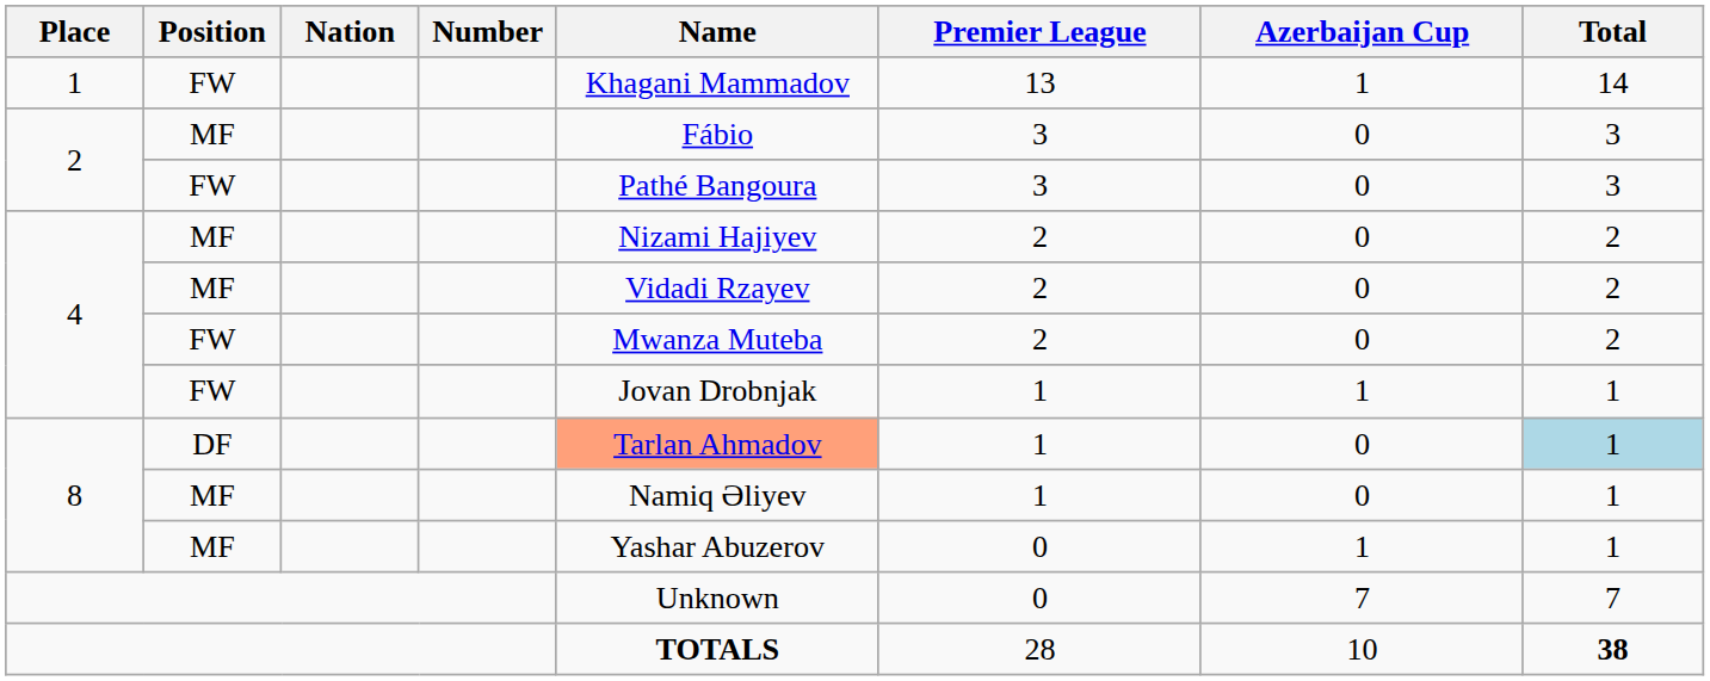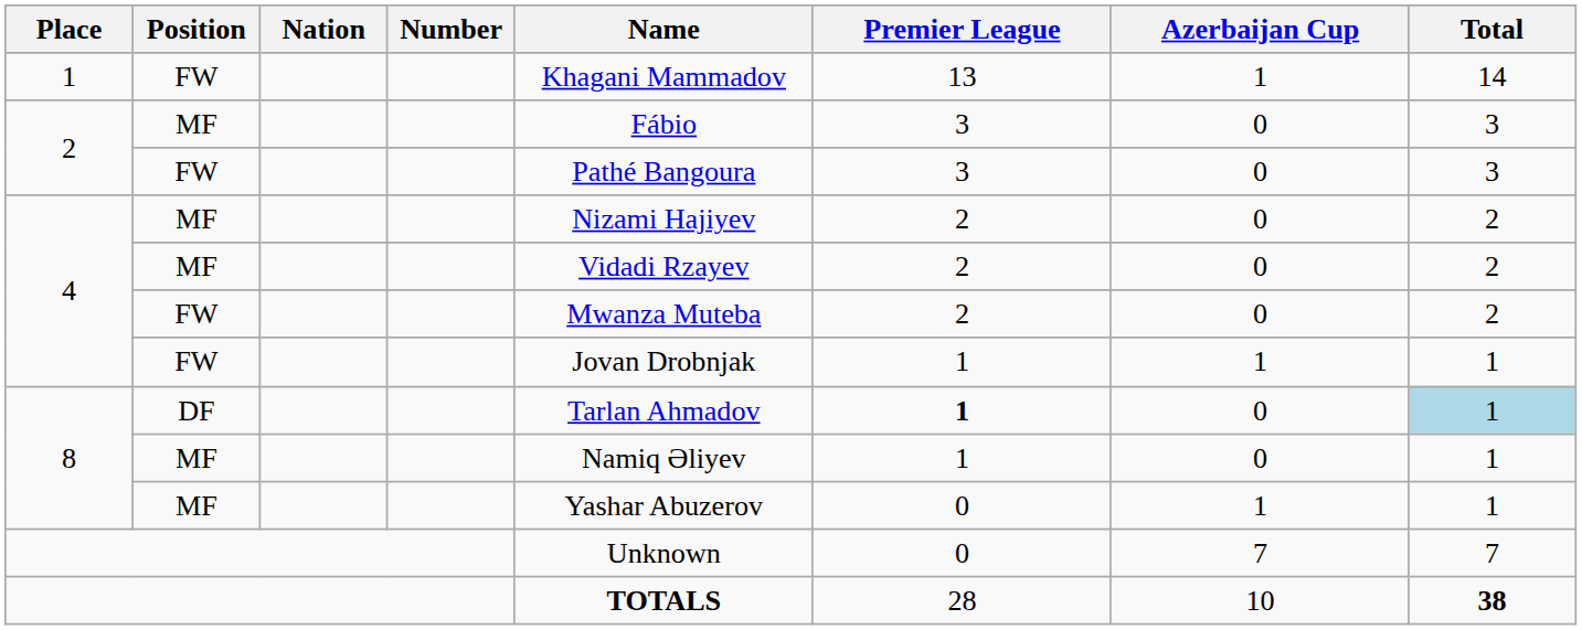 <table class="wikitable" style="font-size: 95%; text-align: center;">
 <tr>
 <th width=60>Place</th>
 <th width=60>Position</th>
 <th width=60>Nation</th>
 <th width=60>Number</th>
 <th width=150>Name</th>
 <th width=150><a href='#'>Premier League</a></th>
 <th width=150><a href='#'>Azerbaijan Cup</a></th>
 <th width=80>Total</th>
 </tr>
 <tr>
 <td>1</td>
 <td>FW</td>
 <td></td>
 <td></td>
 <td><a href='#'>Khagani Mammadov</a></td>
 <td>13</td>
 <td>1</td>
 <td>14</td>
 </tr>
 <tr>
 <td rowspan="2">2</td>
 <td>MF</td>
 <td></td>
 <td></td>
 <td><a href='#'>Fábio</a></td>
 <td>3</td>
 <td>0</td>
 <td>3</td>
 </tr>
 <tr>
 <td>FW</td>
 <td></td>
 <td></td>
 <td><a href='#'>Pathé Bangoura</a></td>
 <td>3</td>
 <td>0</td>
 <td>3</td>
 </tr>
 <tr>
 <td rowspan="4">4</td>
 <td>MF</td>
 <td></td>
 <td></td>
 <td><a href='#'>Nizami Hajiyev</a></td>
 <td>2</td>
 <td>0</td>
 <td>2</td>
 </tr>
 <tr>
 <td>MF</td>
 <td></td>
 <td></td>
 <td><a href='#'>Vidadi Rzayev</a></td>
 <td>2</td>
 <td>0</td>
 <td>2</td>
 </tr>
 <tr>
 <td>FW</td>
 <td></td>
 <td></td>
 <td><a href='#'>Mwanza Muteba</a></td>
 <td>2</td>
 <td>0</td>
 <td>2</td>
 </tr>
 <tr>
 <td>FW</td>
 <td></td>
 <td></td>
 <td>Jovan Drobnjak</td>
 <td>1</td>
 <td>1</td>
 <td>1</td>
 </tr>
 <tr>
 <td rowspan="3">8</td>
 <td>DF</td>
 <td></td>
 <td></td>
-<td style="background: lightsalmon;"><a href='#'>Tarlan Ahmadov</a></td>
-<td>1</td>
+<td><a href='#'>Tarlan Ahmadov</a></td>
+<td><strong>1</strong></td>
 <td>0</td>
 <td style="background: lightblue;">1</td>
 </tr>
 <tr>
 <td>MF</td>
 <td></td>
 <td></td>
 <td>Namiq Əliyev</td>
 <td>1</td>
 <td>0</td>
 <td>1</td>
 </tr>
 <tr>
 <td>MF</td>
 <td></td>
 <td></td>
 <td>Yashar Abuzerov</td>
 <td>0</td>
 <td>1</td>
 <td>1</td>
 </tr>
 <tr>
 <td colspan="4"></td>
 <td>Unknown</td>
 <td>0</td>
 <td>7</td>
 <td>7</td>
 </tr>
 <tr>
 <td colspan="4"></td>
 <td><strong>TOTALS</strong></td>
 <td>28</td>
 <td>10</td>
 <td><strong>38</strong></td>
 </tr>
 </table>
